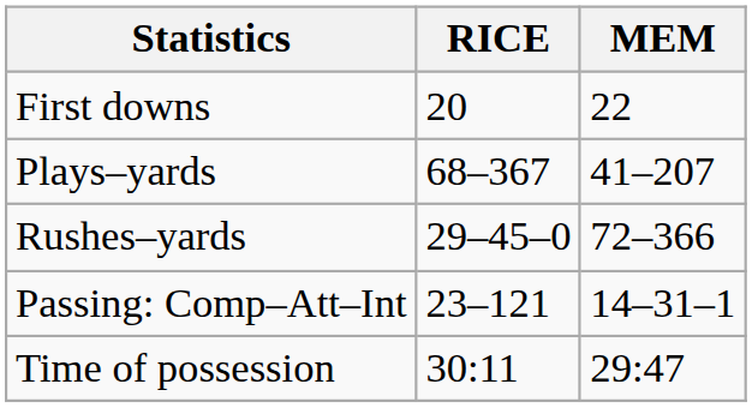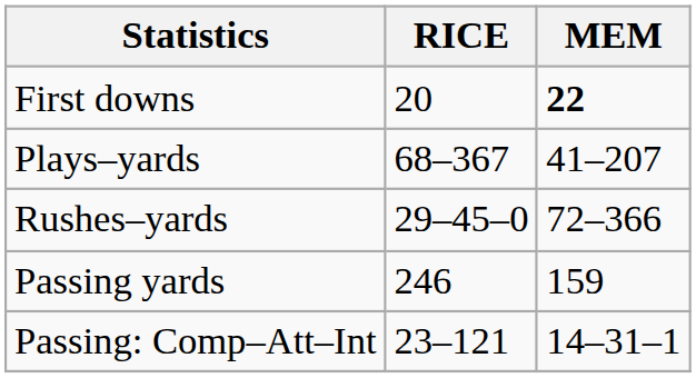 <table class="wikitable" style="float: left;">
 <tr>
 <th>Statistics</th>
 <th>RICE</th>
 <th>MEM</th>
 </tr>
 <tr>
 <td>First downs</td>
 <td>20</td>
-<td>22</td>
+<td><strong>22</strong></td>
 </tr>
 <tr>
 <td>Plays–yards</td>
 <td>68–367</td>
 <td>41–207</td>
 </tr>
 <tr>
 <td>Rushes–yards</td>
 <td>29–45–0</td>
 <td>72–366</td>
 </tr>
 <tr>
+<td>Passing yards</td>
+<td>246</td>
+<td>159</td>
+</tr>
+<tr>
 <td>Passing: Comp–Att–Int</td>
 <td>23–121</td>
 <td>14–31–1</td>
 </tr>
 <tr>
-<td>Time of possession</td>
-<td>30:11</td>
-<td>29:47</td>
-</tr>
-<tr>
 </tr>
 </table>
